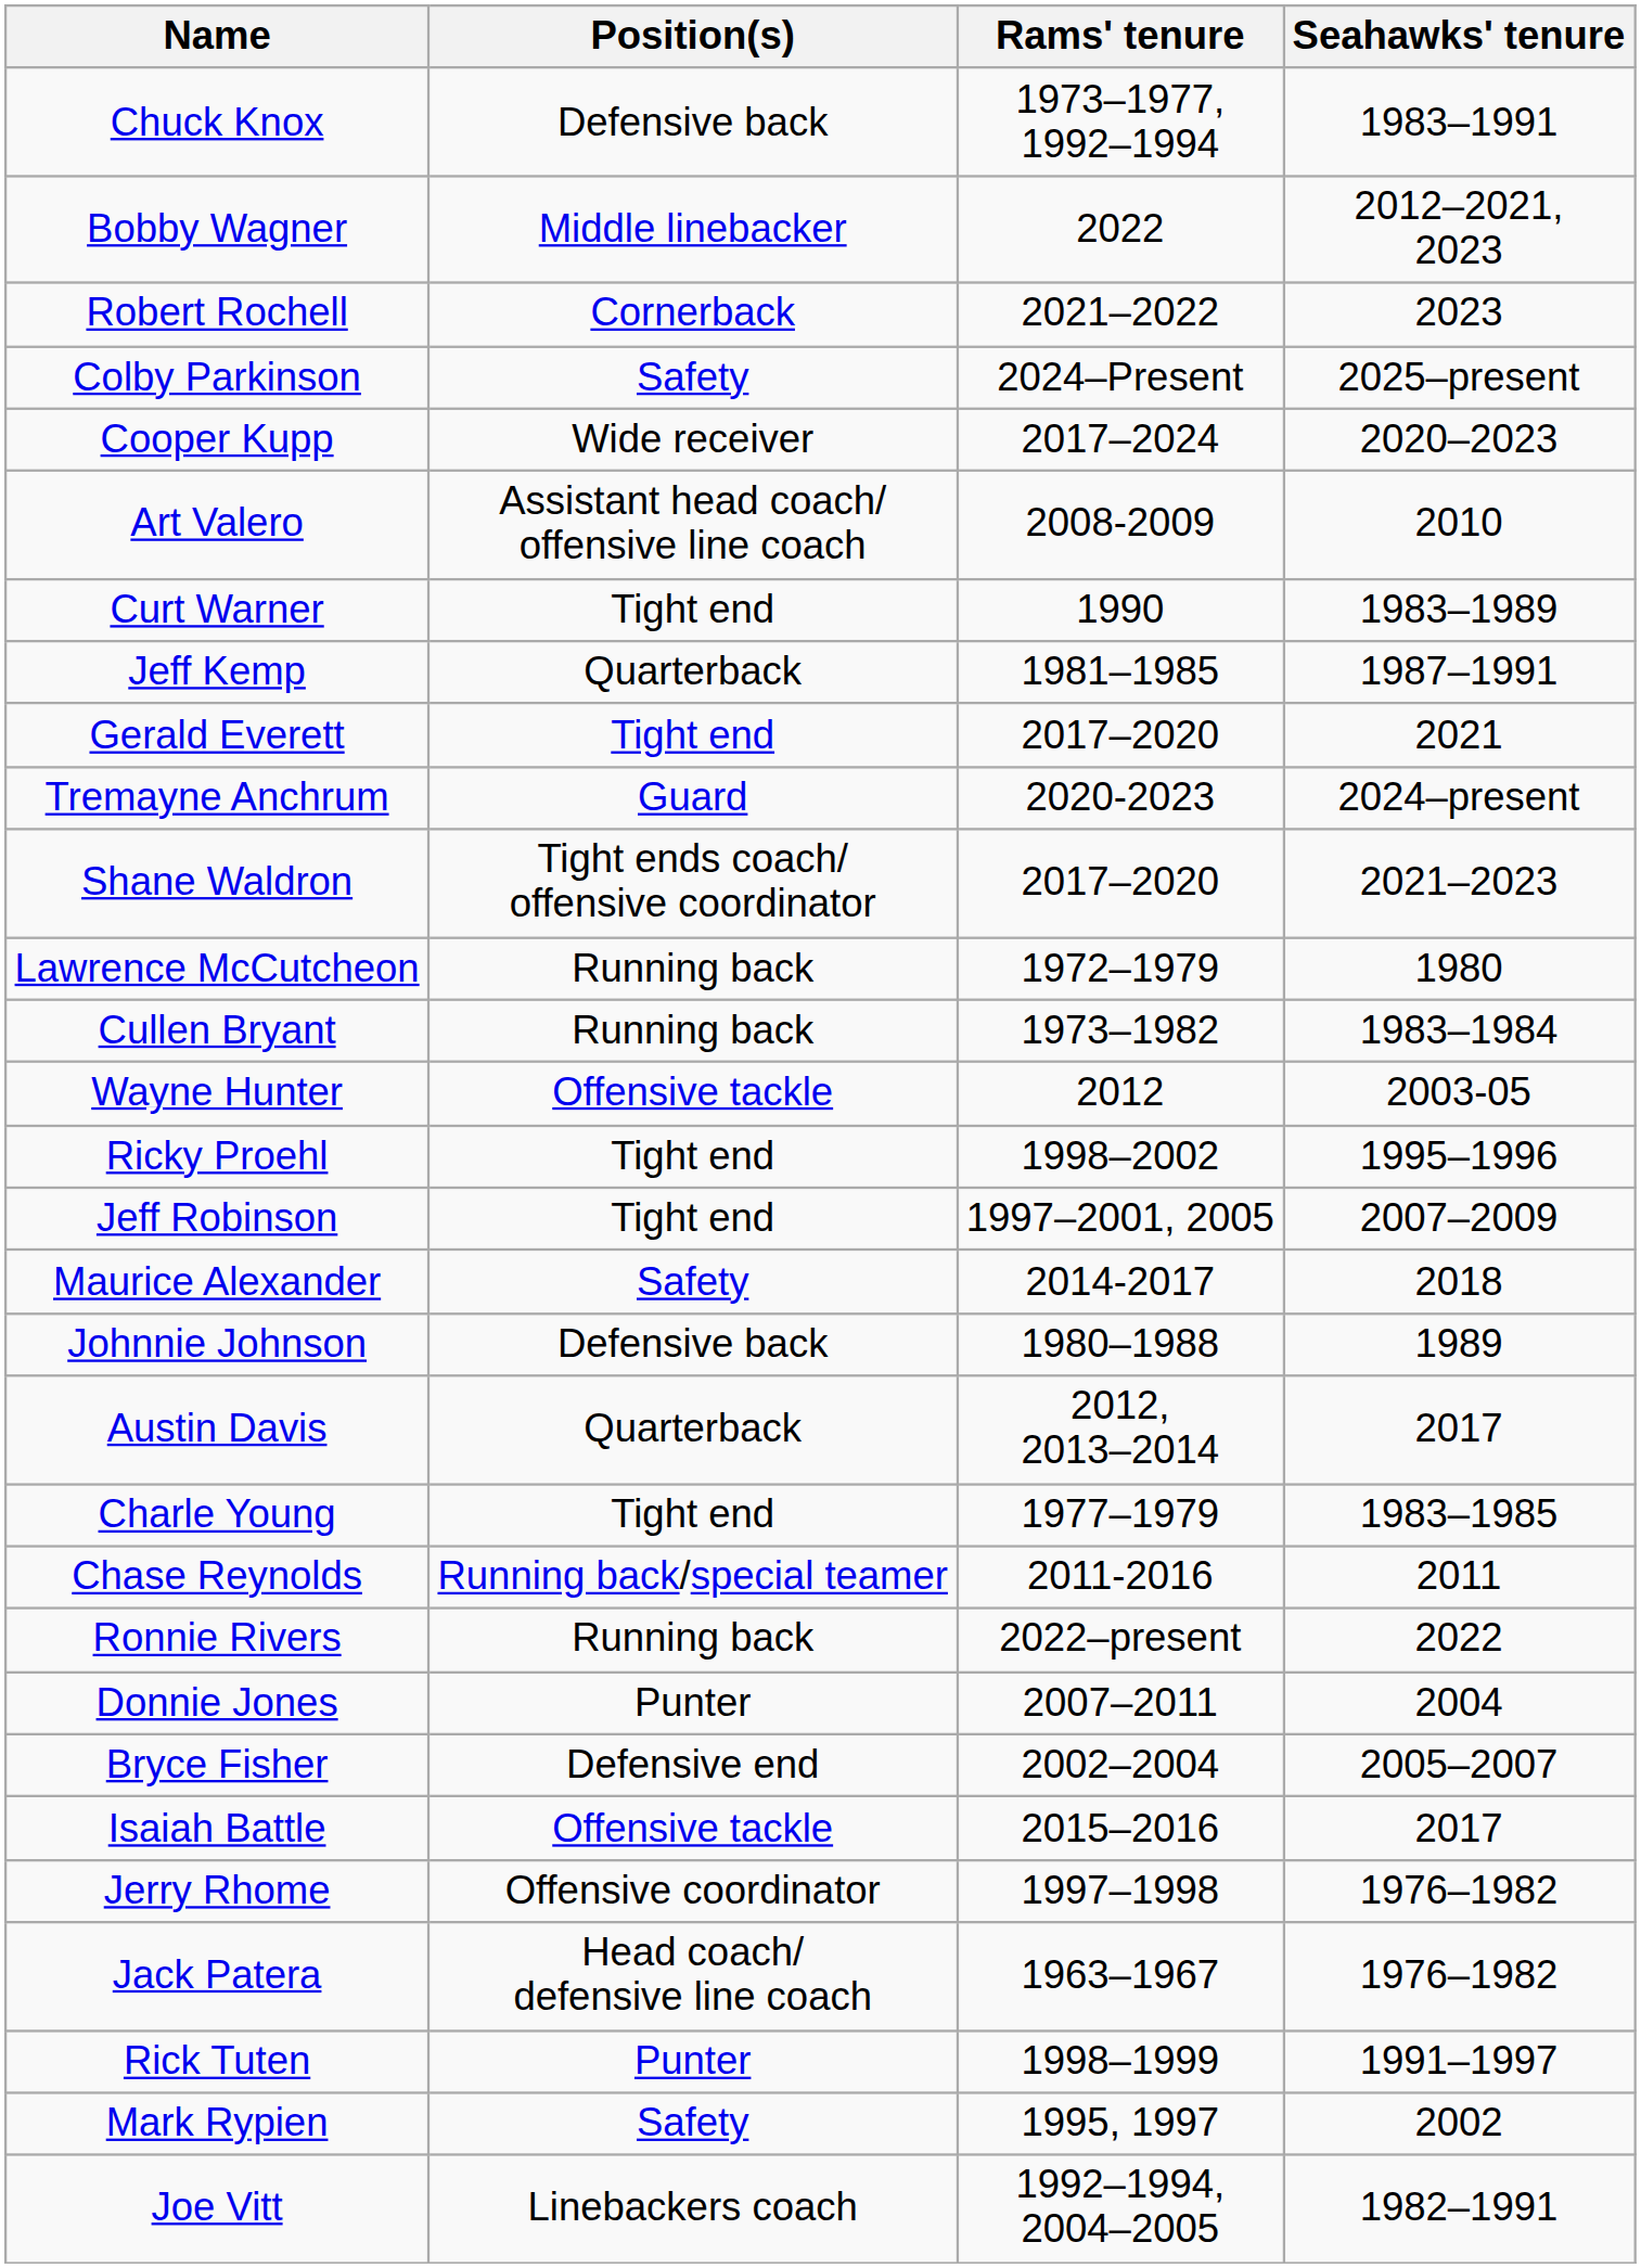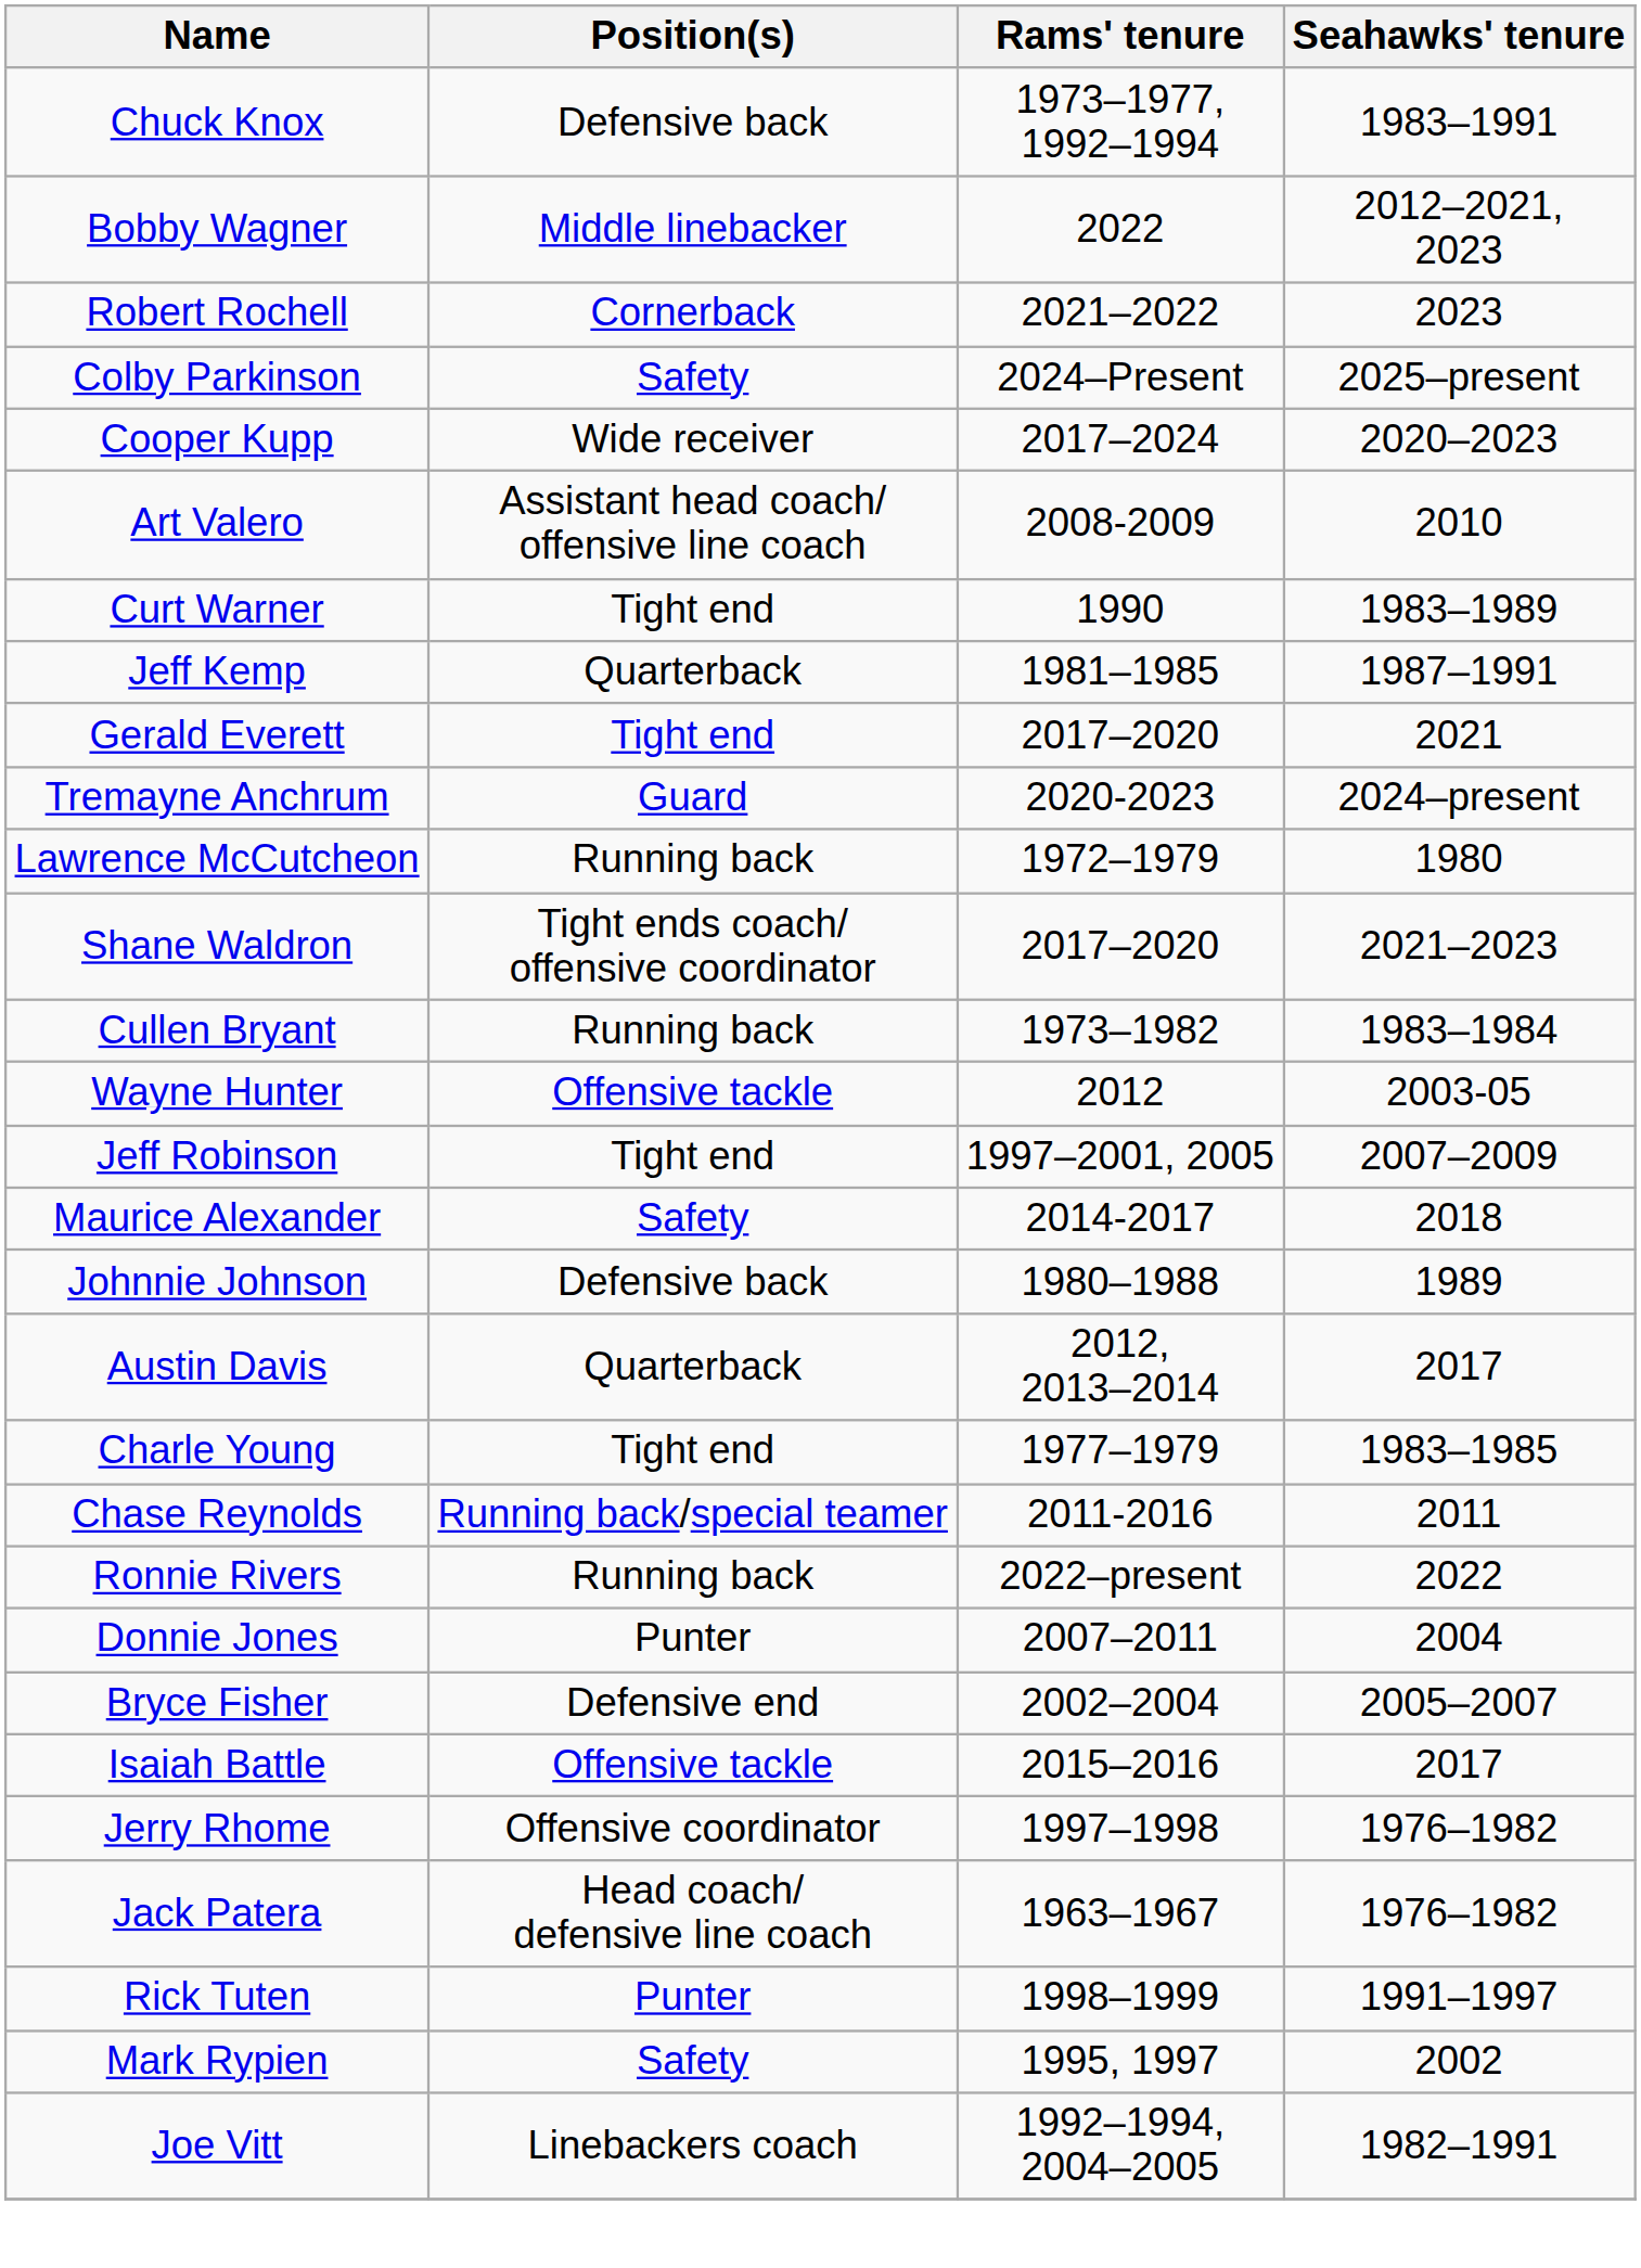 <table class="wikitable" style="text-align: center">
 <tr>
 <th>Name</th>
 <th>Position(s)</th>
 <th>Rams' tenure</th>
 <th>Seahawks' tenure</th>
 </tr>
 <tr>
 <td><a href='#'>Chuck Knox</a></td>
 <td>Defensive back</td>
 <td>1973–1977, <br>1992–1994</td>
 <td>1983–1991</td>
 </tr>
 <tr>
 <td><a href='#'>Bobby Wagner</a></td>
 <td><a href='#'>Middle linebacker</a></td>
 <td>2022</td>
 <td>2012–2021, <br>2023</td>
 </tr>
 <tr>
 <td><a href='#'>Robert Rochell</a></td>
 <td><a href='#'>Cornerback</a></td>
 <td>2021–2022</td>
 <td>2023</td>
 </tr>
 <tr>
 <td><a href='#'>Colby Parkinson</a></td>
 <td><a href='#'>Safety</a></td>
 <td>2024–Present</td>
 <td>2025–present</td>
 </tr>
 <tr>
 <td><a href='#'>Cooper Kupp</a></td>
 <td>Wide receiver</td>
 <td>2017–2024</td>
 <td>2020–2023</td>
 </tr>
 <tr>
 <td><a href='#'>Art Valero</a></td>
 <td>Assistant head coach/ <br>offensive line coach</td>
 <td>2008-2009</td>
 <td>2010</td>
 </tr>
 <tr>
 <td><a href='#'>Curt Warner</a></td>
 <td>Tight end</td>
 <td>1990</td>
 <td>1983–1989</td>
 </tr>
 <tr>
 <td><a href='#'>Jeff Kemp</a></td>
 <td>Quarterback</td>
 <td>1981–1985</td>
 <td>1987–1991</td>
 </tr>
 <tr>
 <td><a href='#'>Gerald Everett</a></td>
 <td><a href='#'>Tight end</a></td>
 <td>2017–2020</td>
 <td>2021</td>
 </tr>
 <tr>
 <td><a href='#'>Tremayne Anchrum</a></td>
 <td><a href='#'>Guard</a></td>
 <td>2020-2023</td>
 <td>2024–present</td>
 </tr>
 <tr>
+<td><a href='#'>Lawrence McCutcheon</a></td>
+<td>Running back</td>
+<td>1972–1979</td>
+<td>1980</td>
+</tr>
+<tr>
 <td><a href='#'>Shane Waldron</a></td>
 <td>Tight ends coach/ <br>offensive coordinator</td>
 <td>2017–2020</td>
 <td>2021–2023</td>
-</tr>
-<tr>
-<td><a href='#'>Lawrence McCutcheon</a></td>
-<td>Running back</td>
-<td>1972–1979</td>
-<td>1980</td>
 </tr>
 <tr>
 <td><a href='#'>Cullen Bryant</a></td>
 <td>Running back</td>
 <td>1973–1982</td>
 <td>1983–1984</td>
 </tr>
 <tr>
 <td><a href='#'>Wayne Hunter</a></td>
 <td><a href='#'>Offensive tackle</a></td>
 <td>2012</td>
 <td>2003-05</td>
-</tr>
-<tr>
-<td><a href='#'>Ricky Proehl</a></td>
-<td>Tight end</td>
-<td>1998–2002</td>
-<td>1995–1996</td>
 </tr>
 <tr>
 <td><a href='#'>Jeff Robinson</a></td>
 <td>Tight end</td>
 <td>1997–2001, 2005</td>
 <td>2007–2009</td>
 </tr>
 <tr>
 <td><a href='#'>Maurice Alexander</a></td>
 <td><a href='#'>Safety</a></td>
 <td>2014-2017</td>
 <td>2018</td>
 </tr>
 <tr>
 <td><a href='#'>Johnnie Johnson</a></td>
 <td>Defensive back</td>
 <td>1980–1988</td>
 <td>1989</td>
 </tr>
 <tr>
 <td><a href='#'>Austin Davis</a></td>
 <td>Quarterback</td>
 <td>2012, <br>2013–2014</td>
 <td>2017</td>
 </tr>
 <tr>
 <td><a href='#'>Charle Young</a></td>
 <td>Tight end</td>
 <td>1977–1979</td>
 <td>1983–1985</td>
 </tr>
 <tr>
 <td><a href='#'>Chase Reynolds</a></td>
 <td><a href='#'>Running back</a>/<a href='#'>special teamer</a></td>
 <td>2011-2016</td>
 <td>2011</td>
 </tr>
 <tr>
 <td><a href='#'>Ronnie Rivers</a></td>
 <td>Running back</td>
 <td>2022–present</td>
 <td>2022</td>
 </tr>
 <tr>
 <td><a href='#'>Donnie Jones</a></td>
 <td>Punter</td>
 <td>2007–2011</td>
 <td>2004</td>
 </tr>
 <tr>
 <td><a href='#'>Bryce Fisher</a></td>
 <td>Defensive end</td>
 <td>2002–2004</td>
 <td>2005–2007</td>
 </tr>
 <tr>
 <td><a href='#'>Isaiah Battle</a></td>
 <td><a href='#'>Offensive tackle</a></td>
 <td>2015–2016</td>
 <td>2017</td>
 </tr>
 <tr>
 <td><a href='#'>Jerry Rhome</a></td>
 <td>Offensive coordinator</td>
 <td>1997–1998</td>
 <td>1976–1982</td>
 </tr>
 <tr>
 <td><a href='#'>Jack Patera</a></td>
 <td>Head coach/ <br>defensive line coach</td>
 <td>1963–1967</td>
 <td>1976–1982</td>
 </tr>
 <tr>
 <td><a href='#'>Rick Tuten</a></td>
 <td><a href='#'>Punter</a></td>
 <td>1998–1999</td>
 <td>1991–1997</td>
 </tr>
 <tr>
 <td><a href='#'>Mark Rypien</a></td>
 <td><a href='#'>Safety</a></td>
 <td>1995, 1997</td>
 <td>2002</td>
 </tr>
 <tr>
 <td><a href='#'>Joe Vitt</a></td>
 <td>Linebackers coach</td>
 <td>1992–1994, <br>2004–2005</td>
 <td>1982–1991</td>
 </tr>
 <tr>
 </tr>
 </table>
